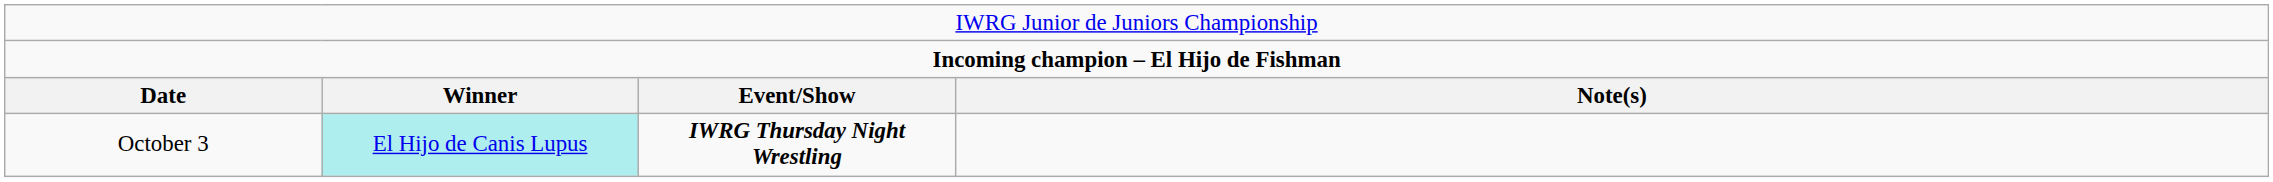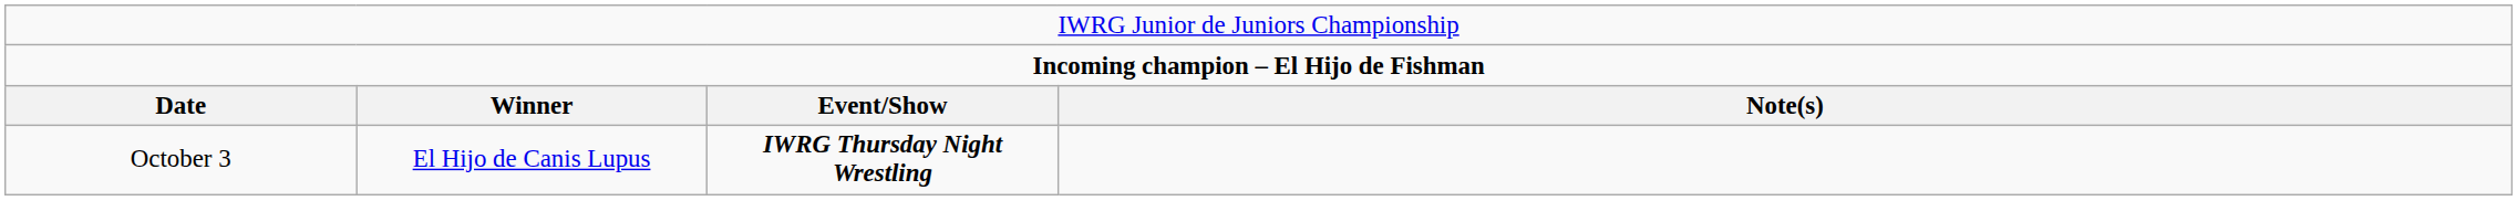 <table class="wikitable" style="text-align:center; width:100%;">
 <tr>
 <td colspan="4" style="text-align: center;"><a href='#'>IWRG Junior de Juniors Championship</a></td>
 </tr>
 <tr>
 <td colspan="4" style="text-align: center;"><strong>Incoming champion – El Hijo de Fishman</strong></td>
 </tr>
 <tr>
 <th width=14%>Date</th>
 <th width=14%>Winner</th>
 <th width=14%>Event/Show</th>
 <th width=58%>Note(s)</th>
 </tr>
 <tr>
 <td>October 3</td>
-<td style="background: paleturquoise;"><a href='#'>El Hijo de Canis Lupus</a></td>
+<td><a href='#'>El Hijo de Canis Lupus</a></td>
 <td><strong><em>IWRG Thursday Night Wrestling</em></strong></td>
 <td></td>
 </tr>
 </table>
